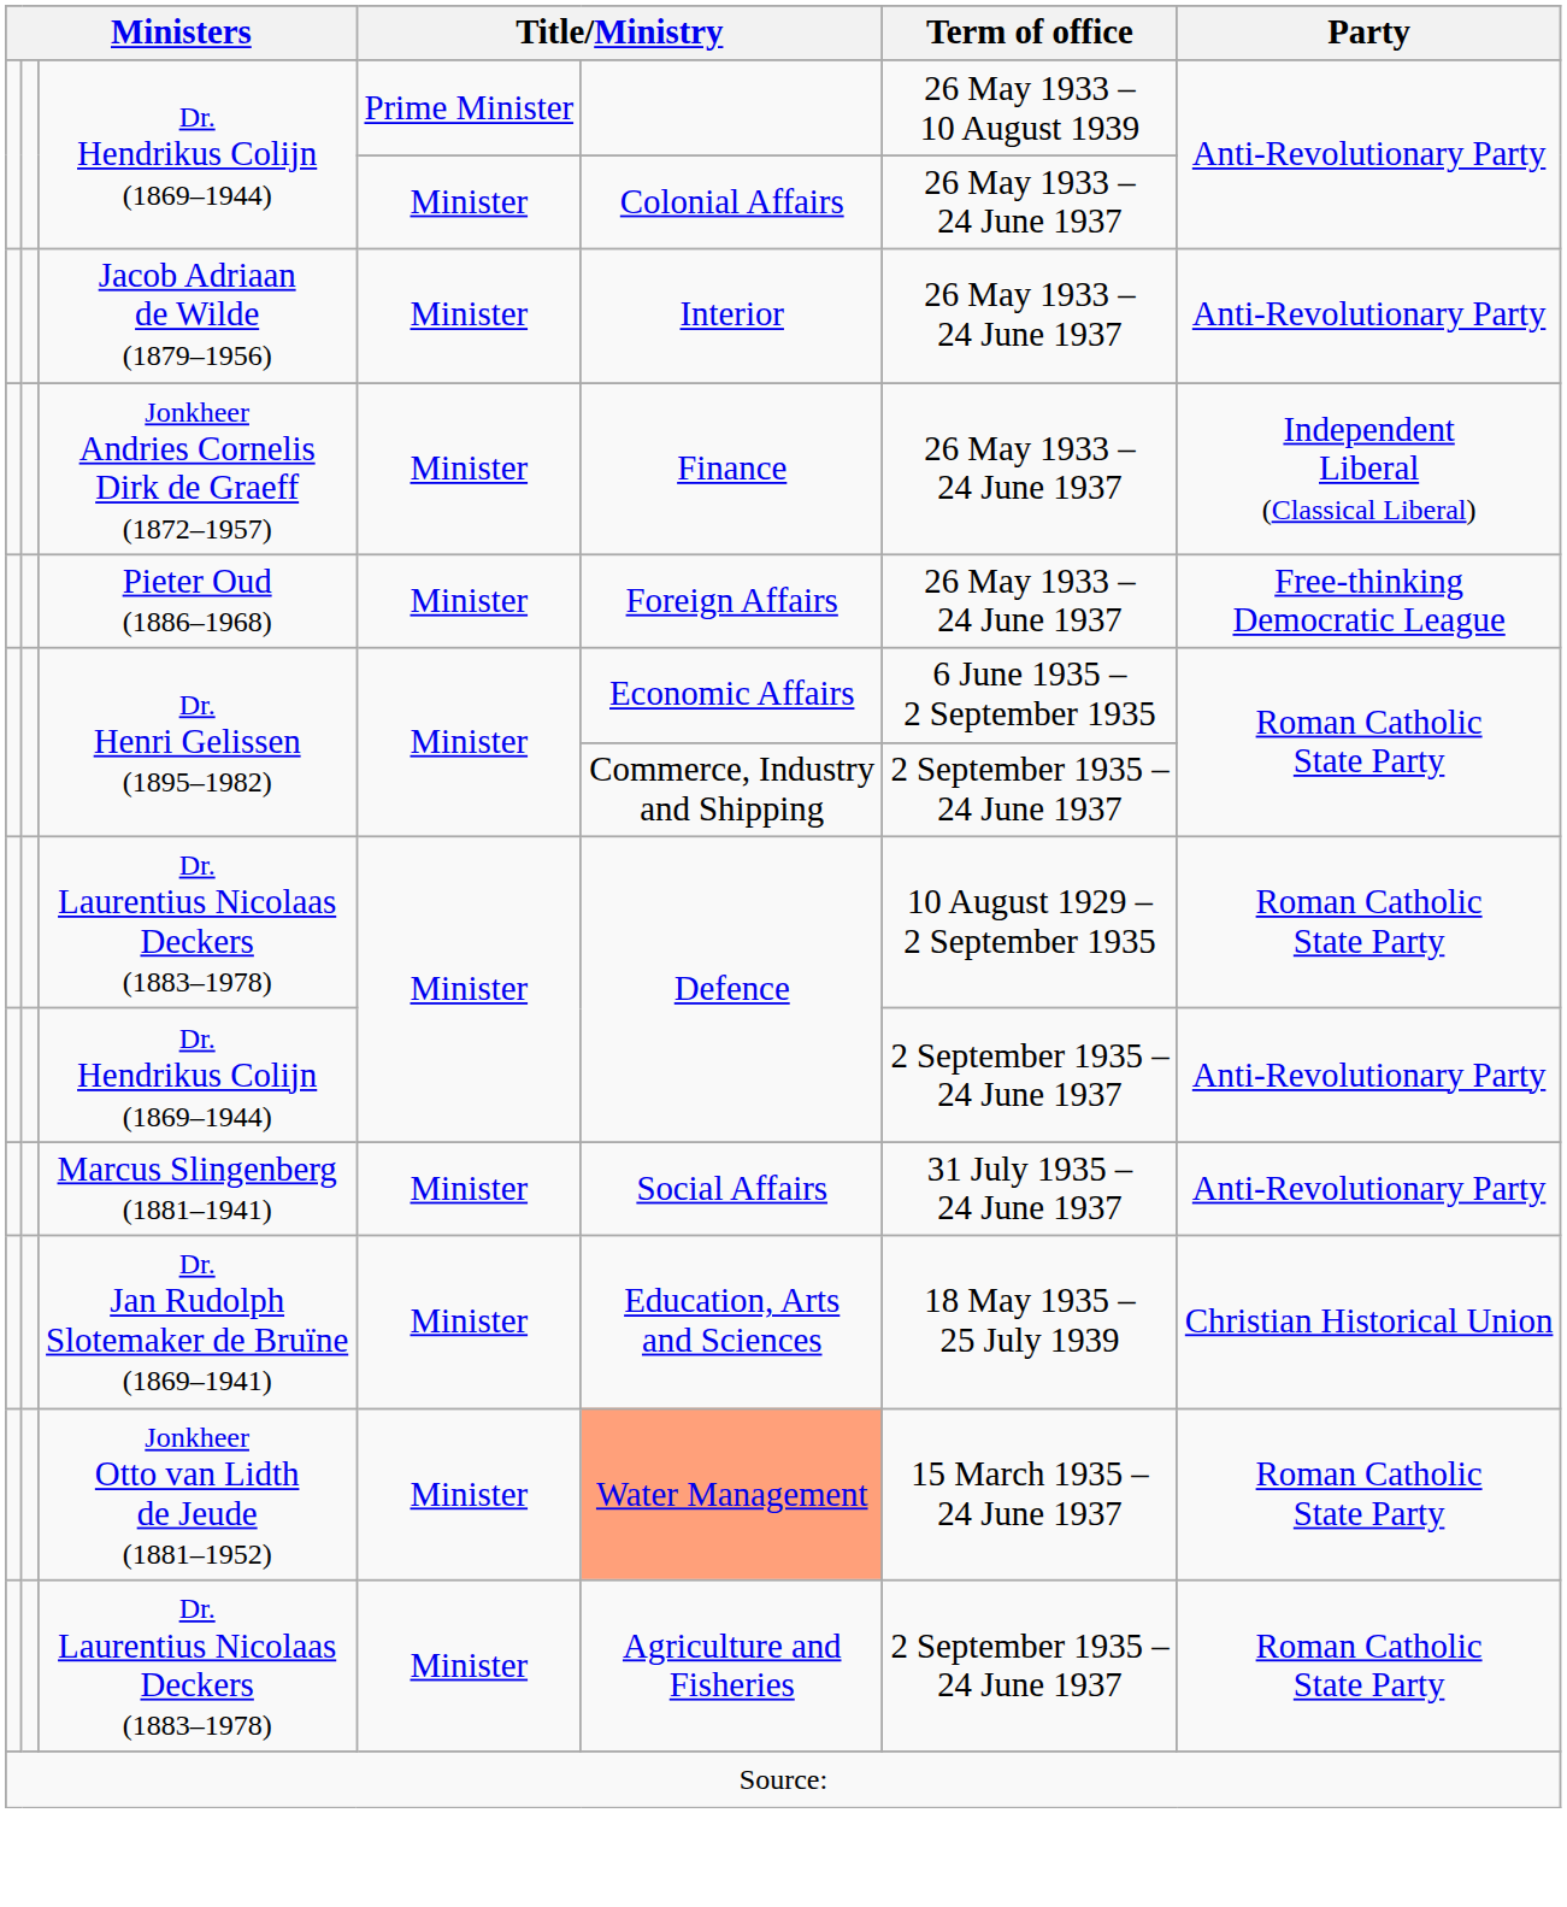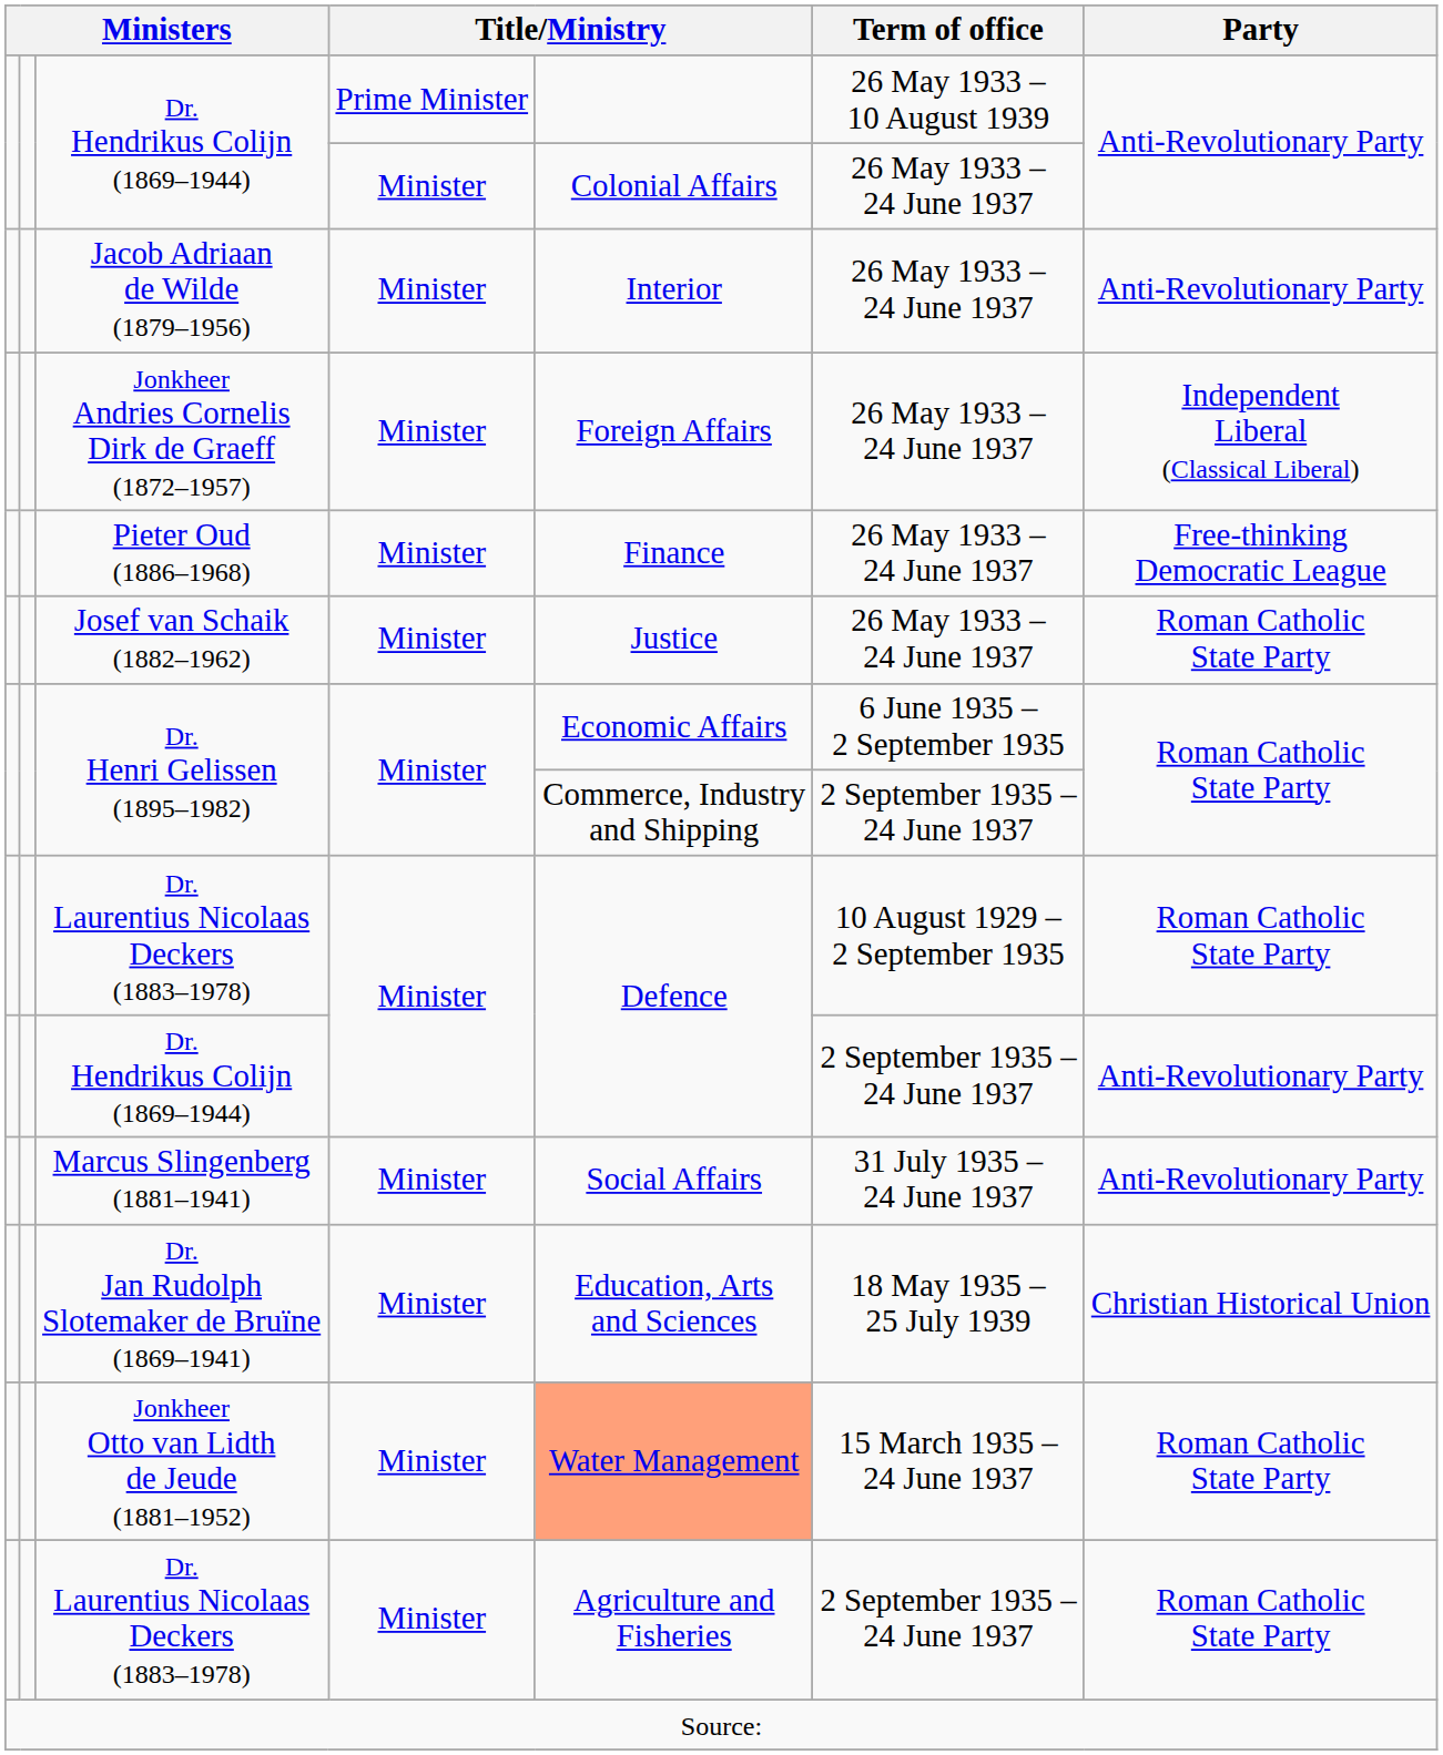 <table class="wikitable" style="text-align:center">
 <tr>
 <th colspan=3><a href='#'>Ministers</a></th>
 <th colspan=2>Title/<a href='#'>Ministry</a></th>
 <th>Term of office</th>
 <th>Party</th>
 </tr>
 <tr>
 <td rowspan=2 style="background:"></td>
 <td rowspan=2></td>
 <td rowspan=2><small><a href='#'>Dr.</a></small> <br> <a href='#'>Hendrikus Colijn</a> <br> <small>(1869–1944)</small></td>
 <td><a href='#'>Prime Minister</a></td>
 <td></td>
 <td>26 May 1933 – <br> 10 August 1939 <br> </td>
 <td rowspan=2><a href='#'>Anti-Revolutionary Party</a></td>
 </tr>
 <tr>
 <td><a href='#'>Minister</a></td>
 <td><a href='#'>Colonial Affairs</a></td>
 <td>26 May 1933 – <br> 24 June 1937 <br> </td>
 </tr>
 <tr>
 <td style="background:"></td>
 <td></td>
 <td><a href='#'>Jacob Adriaan <br> de Wilde</a> <br> <small>(1879–1956)</small></td>
 <td><a href='#'>Minister</a></td>
 <td><a href='#'>Interior</a></td>
 <td>26 May 1933 – <br> 24 June 1937 <br> </td>
 <td><a href='#'>Anti-Revolutionary Party</a></td>
 </tr>
 <tr>
 <td style="background:"></td>
 <td></td>
 <td><small><a href='#'>Jonkheer</a></small> <br> <a href='#'>Andries Cornelis <br> Dirk de Graeff</a> <br> <small>(1872–1957)</small></td>
 <td><a href='#'>Minister</a></td>
-<td><a href='#'>Finance</a></td>
+<td><a href='#'>Foreign Affairs</a></td>
 <td>26 May 1933 – <br> 24 June 1937 <br> </td>
 <td><a href='#'>Independent <br> Liberal</a> <br> <small>(<a href='#'>Classical Liberal</a>)</small></td>
 </tr>
 <tr>
 <td style="background:"></td>
 <td></td>
 <td><a href='#'>Pieter Oud</a> <br> <small>(1886–1968)</small></td>
 <td><a href='#'>Minister</a></td>
-<td><a href='#'>Foreign Affairs</a></td>
+<td><a href='#'>Finance</a></td>
 <td>26 May 1933 – <br> 24 June 1937 <br> </td>
 <td><a href='#'>Free-thinking <br> Democratic League</a></td>
+</tr>
+<tr>
+<td style="background:"></td>
+<td></td>
+<td><a href='#'>Josef van Schaik</a> <br> <small>(1882–1962)</small></td>
+<td><a href='#'>Minister</a></td>
+<td><a href='#'>Justice</a></td>
+<td>26 May 1933 – <br> 24 June 1937 <br> </td>
+<td><a href='#'>Roman Catholic <br> State Party</a></td>
 </tr>
 <tr>
 <td rowspan=2 style="background:"></td>
 <td rowspan=2></td>
 <td rowspan=2><small><a href='#'>Dr.</a></small> <br> <a href='#'>Henri Gelissen</a> <br> <small>(1895–1982)</small></td>
 <td rowspan=2><a href='#'>Minister</a></td>
 <td><a href='#'>Economic Affairs</a></td>
 <td>6 June 1935 – <br> 2 September 1935 <br> </td>
 <td rowspan=2><a href='#'>Roman Catholic <br> State Party</a></td>
 </tr>
 <tr>
 <td>Commerce, Industry <br> and Shipping</td>
 <td>2 September 1935 – <br> 24 June 1937</td>
 </tr>
 <tr>
 <td style="background:"></td>
 <td></td>
 <td><small><a href='#'>Dr.</a></small> <br> <a href='#'>Laurentius Nicolaas <br> Deckers</a> <br> <small>(1883–1978)</small></td>
 <td rowspan=2><a href='#'>Minister</a></td>
 <td rowspan=2><a href='#'>Defence</a></td>
 <td>10 August 1929 – <br> 2 September 1935 <br>  </td>
 <td><a href='#'>Roman Catholic <br> State Party</a></td>
 </tr>
 <tr>
 <td style="background:"></td>
 <td></td>
 <td><small><a href='#'>Dr.</a></small> <br> <a href='#'>Hendrikus Colijn</a> <br> <small>(1869–1944)</small></td>
 <td>2 September 1935 – <br> 24 June 1937</td>
 <td><a href='#'>Anti-Revolutionary Party</a></td>
 </tr>
 <tr>
 <td style="background:"></td>
 <td></td>
 <td><a href='#'>Marcus Slingenberg</a> <br> <small>(1881–1941)</small></td>
 <td><a href='#'>Minister</a></td>
 <td><a href='#'>Social Affairs</a></td>
 <td>31 July 1935 – <br> 24 June 1937</td>
 <td><a href='#'>Anti-Revolutionary Party</a></td>
 </tr>
 <tr>
 <td style="background:"></td>
 <td></td>
 <td><small><a href='#'>Dr.</a></small> <br> <a href='#'>Jan Rudolph <br> Slotemaker de Bruïne</a> <br> <small>(1869–1941)</small></td>
 <td><a href='#'>Minister</a></td>
 <td><a href='#'>Education, Arts <br> and Sciences</a></td>
 <td>18 May 1935 – <br> 25 July 1939 <br> </td>
 <td><a href='#'>Christian Historical Union</a></td>
 </tr>
 <tr>
 <td style="background:"></td>
 <td></td>
 <td><small><a href='#'>Jonkheer</a></small> <br> <a href='#'>Otto van Lidth <br> de Jeude</a> <br> <small>(1881–1952)</small></td>
 <td><a href='#'>Minister</a></td>
 <td style="background: lightsalmon;"><a href='#'>Water Management</a></td>
 <td>15 March 1935 – <br> 24 June 1937 <br> </td>
 <td><a href='#'>Roman Catholic <br> State Party</a></td>
 </tr>
 <tr>
 <td style="background:"></td>
 <td></td>
 <td><small><a href='#'>Dr.</a></small> <br> <a href='#'>Laurentius Nicolaas <br> Deckers</a> <br> <small>(1883–1978)</small></td>
 <td><a href='#'>Minister</a></td>
 <td><a href='#'>Agriculture and <br> Fisheries</a></td>
 <td>2 September 1935 – <br> 24 June 1937</td>
 <td><a href='#'>Roman Catholic <br> State Party</a></td>
 </tr>
 <tr>
 <td colspan=7><small>Source:  </small></td>
 </tr>
 </table>
